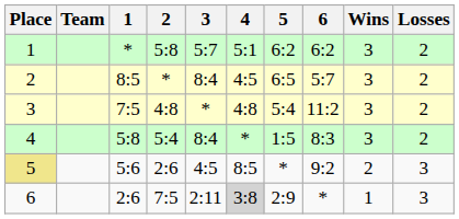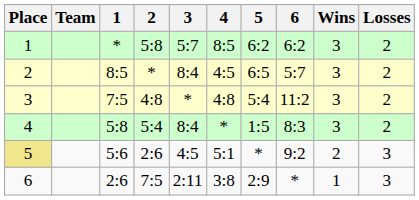 <table class="wikitable" style="text-align:center;">
 <tr>
 <th>Place</th>
 <th>Team</th>
 <th width="25">1</th>
 <th width="25">2</th>
 <th width="25">3</th>
 <th width="25">4</th>
 <th width="25">5</th>
 <th width="25">6</th>
 <th>Wins</th>
 <th>Losses</th>
 </tr>
 <tr bgcolor=#cfc>
 <td>1</td>
 <td align=left></td>
 <td>*</td>
 <td>5:8</td>
 <td>5:7</td>
-<td>5:1</td>
+<td>8:5</td>
 <td>6:2</td>
 <td>6:2</td>
 <td>3</td>
 <td>2</td>
 </tr>
 <tr bgcolor=#ffc>
 <td>2</td>
 <td align=left></td>
 <td>8:5</td>
 <td>*</td>
 <td>8:4</td>
 <td>4:5</td>
 <td>6:5</td>
 <td>5:7</td>
 <td>3</td>
 <td>2</td>
 </tr>
 <tr bgcolor=#ffc>
 <td>3</td>
 <td align=left></td>
 <td>7:5</td>
 <td>4:8</td>
 <td>*</td>
 <td>4:8</td>
 <td>5:4</td>
 <td>11:2</td>
 <td>3</td>
 <td>2</td>
 </tr>
 <tr bgcolor=#cfc>
 <td>4</td>
 <td align=left></td>
 <td>5:8</td>
 <td>5:4</td>
 <td>8:4</td>
 <td>*</td>
 <td>1:5</td>
 <td>8:3</td>
 <td>3</td>
 <td>2</td>
 </tr>
 <tr>
 <td style="background: khaki;">5</td>
 <td align=left></td>
 <td>5:6</td>
 <td>2:6</td>
 <td>4:5</td>
-<td>8:5</td>
+<td>5:1</td>
 <td>*</td>
 <td>9:2</td>
 <td>2</td>
 <td>3</td>
 </tr>
 <tr>
 <td>6</td>
 <td align=left></td>
 <td>2:6</td>
 <td>7:5</td>
 <td>2:11</td>
-<td style="background: lightgrey;">3:8</td>
+<td>3:8</td>
 <td>2:9</td>
 <td>*</td>
 <td>1</td>
 <td>3</td>
 </tr>
 </table>
